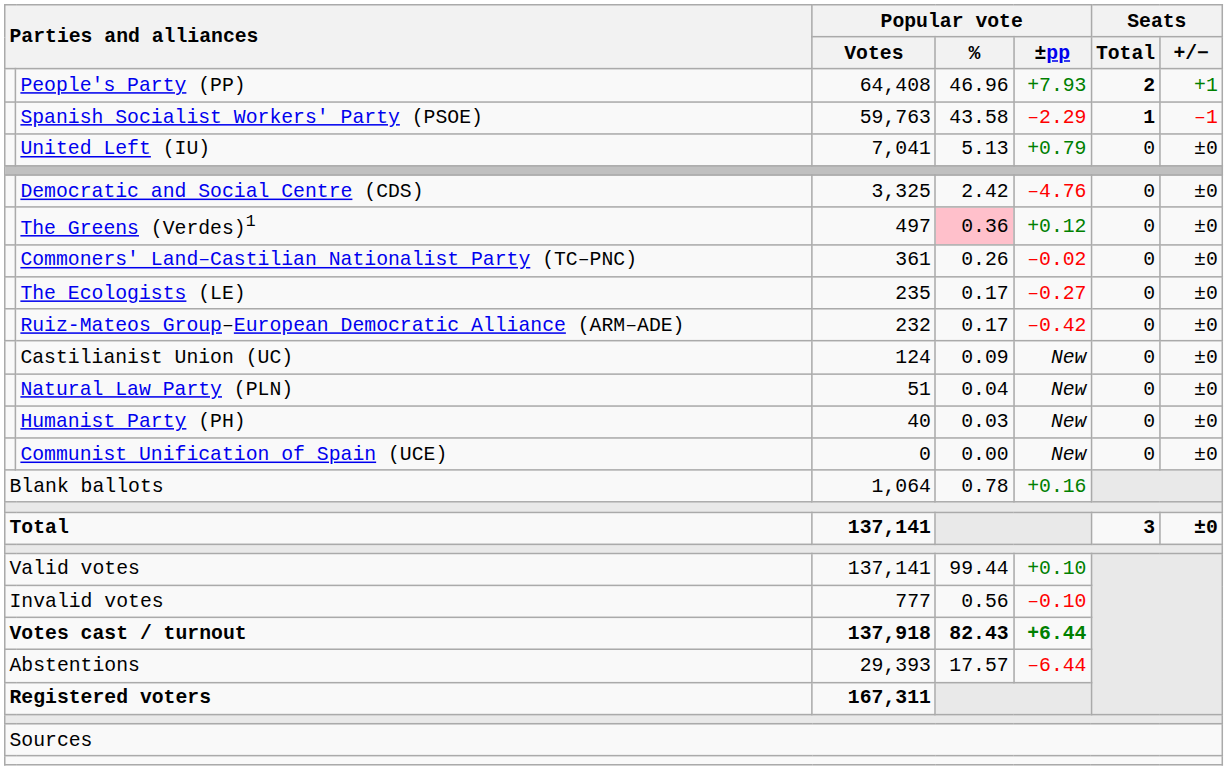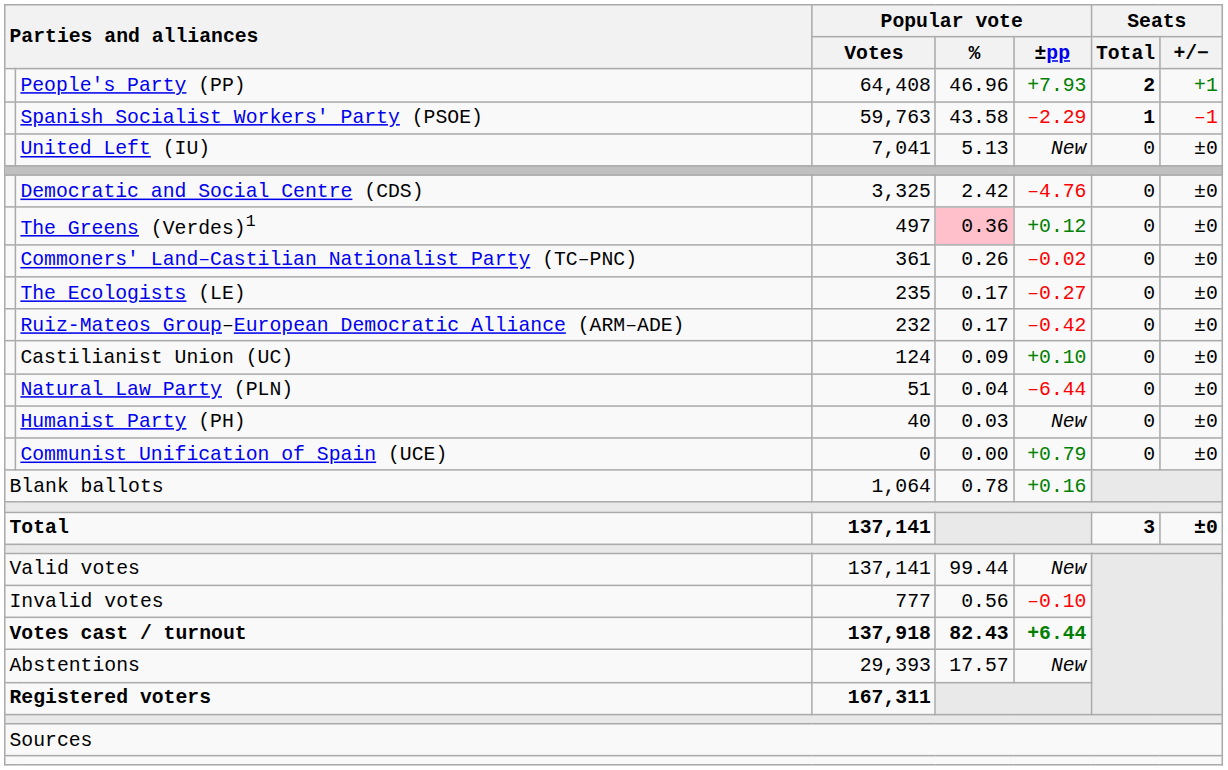 <table class="wikitable" style="text-align:right;">
 <tr>
 <th style="text-align:left;" rowspan="2" colspan="2" width="525">Parties and alliances</th>
 <th colspan="3">Popular vote</th>
 <th colspan="2">Seats</th>
 </tr>
 <tr>
 <th width="75">Votes</th>
 <th width="45">%</th>
 <th width="45">±<a href='#'>pp</a></th>
 <th width="35">Total</th>
 <th width="35">+/−</th>
 </tr>
 <tr>
 <td width="1" style="color:inherit;background:"></td>
 <td align="left"><a href='#'>People's Party</a> (PP)</td>
 <td>64,408</td>
 <td>46.96</td>
 <td style="color:green;">+7.93</td>
 <td><strong>2</strong></td>
 <td style="color:green;">+1</td>
 </tr>
 <tr>
 <td style="color:inherit;background:"></td>
 <td align="left"><a href='#'>Spanish Socialist Workers' Party</a> (PSOE)</td>
 <td>59,763</td>
 <td>43.58</td>
 <td style="color:red;">–2.29</td>
 <td><strong>1</strong></td>
 <td style="color:red;">–1</td>
 </tr>
 <tr>
 <td style="color:inherit;background:"></td>
 <td align="left"><a href='#'>United Left</a> (IU)</td>
 <td>7,041</td>
 <td>5.13</td>
-<td style="color:green;">+0.79</td>
+<td><em>New</em></td>
 <td>0</td>
 <td>±0</td>
 </tr>
 <tr>
 <td colspan="7" bgcolor="#C0C0C0"></td>
 </tr>
 <tr>
 <td style="color:inherit;background:"></td>
 <td align="left"><a href='#'>Democratic and Social Centre</a> (CDS)</td>
 <td>3,325</td>
 <td>2.42</td>
 <td style="color:red;">–4.76</td>
 <td>0</td>
 <td>±0</td>
 </tr>
 <tr>
 <td style="color:inherit;background:"></td>
 <td align="left"><a href='#'>The Greens</a> (Verdes)<sup>1</sup></td>
 <td>497</td>
 <td style="background: pink;">0.36</td>
 <td style="color:green;">+0.12</td>
 <td>0</td>
 <td>±0</td>
 </tr>
 <tr>
 <td style="color:inherit;background:"></td>
 <td align="left"><a href='#'>Commoners' Land–Castilian Nationalist Party</a> (TC–PNC)</td>
 <td>361</td>
 <td>0.26</td>
 <td style="color:red;">–0.02</td>
 <td>0</td>
 <td>±0</td>
 </tr>
 <tr>
 <td style="color:inherit;background:"></td>
 <td align="left"><a href='#'>The Ecologists</a> (LE)</td>
 <td>235</td>
 <td>0.17</td>
 <td style="color:red;">–0.27</td>
 <td>0</td>
 <td>±0</td>
 </tr>
 <tr>
 <td style="color:inherit;background:"></td>
 <td align="left"><a href='#'>Ruiz-Mateos Group</a>–<a href='#'>European Democratic Alliance</a> (ARM–ADE)</td>
 <td>232</td>
 <td>0.17</td>
 <td style="color:red;">–0.42</td>
 <td>0</td>
 <td>±0</td>
 </tr>
 <tr>
 <td style="color:inherit;background:"></td>
 <td align="left">Castilianist Union (UC)</td>
 <td>124</td>
 <td>0.09</td>
-<td><em>New</em></td>
+<td style="color:green;">+0.10</td>
 <td>0</td>
 <td>±0</td>
 </tr>
 <tr>
 <td style="color:inherit;background:"></td>
 <td align="left"><a href='#'>Natural Law Party</a> (PLN)</td>
 <td>51</td>
 <td>0.04</td>
-<td><em>New</em></td>
+<td style="color:red;">–6.44</td>
 <td>0</td>
 <td>±0</td>
 </tr>
 <tr>
 <td style="color:inherit;background:"></td>
 <td align="left"><a href='#'>Humanist Party</a> (PH)</td>
 <td>40</td>
 <td>0.03</td>
 <td><em>New</em></td>
 <td>0</td>
 <td>±0</td>
 </tr>
 <tr>
 <td style="color:inherit;background:"></td>
 <td align="left"><a href='#'>Communist Unification of Spain</a> (UCE)</td>
 <td>0</td>
 <td>0.00</td>
-<td><em>New</em></td>
+<td style="color:green;">+0.79</td>
 <td>0</td>
 <td>±0</td>
 </tr>
 <tr>
 <td align="left" colspan="2">Blank ballots</td>
 <td>1,064</td>
 <td>0.78</td>
 <td style="color:green;">+0.16</td>
 <td bgcolor="#E9E9E9" colspan="2"></td>
 </tr>
 <tr>
 <td colspan="7" bgcolor="#E9E9E9"></td>
 </tr>
 <tr style="font-weight:bold;">
 <td align="left" colspan="2">Total</td>
 <td>137,141</td>
 <td bgcolor="#E9E9E9" colspan="2"></td>
 <td>3</td>
 <td>±0</td>
 </tr>
 <tr>
 <td colspan="7" bgcolor="#E9E9E9"></td>
 </tr>
 <tr>
 <td align="left" colspan="2">Valid votes</td>
 <td>137,141</td>
 <td>99.44</td>
-<td style="color:green;">+0.10</td>
+<td><em>New</em></td>
 <td bgcolor="#E9E9E9" colspan="2" rowspan="5"></td>
 </tr>
 <tr>
 <td align="left" colspan="2">Invalid votes</td>
 <td>777</td>
 <td>0.56</td>
 <td style="color:red;">–0.10</td>
 </tr>
 <tr style="font-weight:bold;">
 <td align="left" colspan="2">Votes cast / turnout</td>
 <td>137,918</td>
 <td>82.43</td>
 <td style="color:green;">+6.44</td>
 </tr>
 <tr>
 <td align="left" colspan="2">Abstentions</td>
 <td>29,393</td>
 <td>17.57</td>
-<td style="color:red;">–6.44</td>
+<td><em>New</em></td>
 </tr>
 <tr style="font-weight:bold;">
 <td align="left" colspan="2">Registered voters</td>
 <td>167,311</td>
 <td bgcolor="#E9E9E9" colspan="2"></td>
 </tr>
 <tr>
 <td colspan="7" bgcolor="#E9E9E9"></td>
 </tr>
 <tr>
 <td align="left" colspan="7">Sources</td>
 </tr>
 <tr>
 <td colspan="7" style="text-align:left; max-width:790px;"></td>
 </tr>
 </table>
